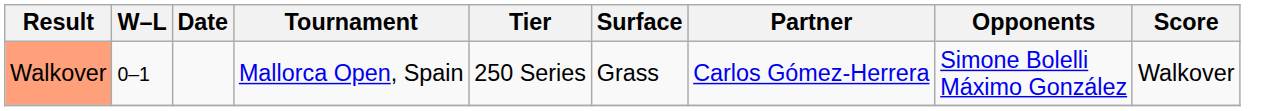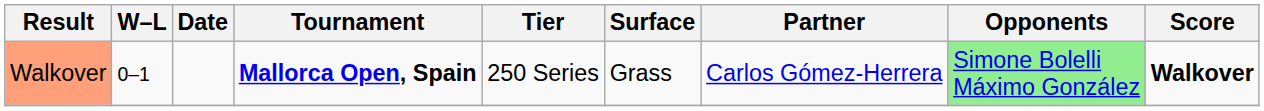 <table class="sortable wikitable">
 <tr>
 <th>Result</th>
 <th class="unsortable">W–L</th>
 <th>Date</th>
 <th>Tournament</th>
 <th>Tier</th>
 <th>Surface</th>
 <th>Partner</th>
 <th>Opponents</th>
 <th class="unsortable">Score</th>
 </tr>
 <tr>
 <td style="background:#ffa07a;">Walkover</td>
 <td><small>0–1</small></td>
 <td><a href='#'></a></td>
-<td><a href='#'>Mallorca Open</a>, Spain</td>
+<td><strong><a href='#'>Mallorca Open</a>, Spain</strong></td>
 <td>250 Series</td>
 <td>Grass</td>
 <td> <a href='#'>Carlos Gómez-Herrera</a></td>
-<td> <a href='#'>Simone Bolelli</a> <br>  <a href='#'>Máximo González</a></td>
-<td>Walkover</td>
+<td style="background: lightgreen;"> <a href='#'>Simone Bolelli</a> <br>  <a href='#'>Máximo González</a></td>
+<td><strong>Walkover</strong></td>
 </tr>
 <tr>
 </tr>
 </table>
